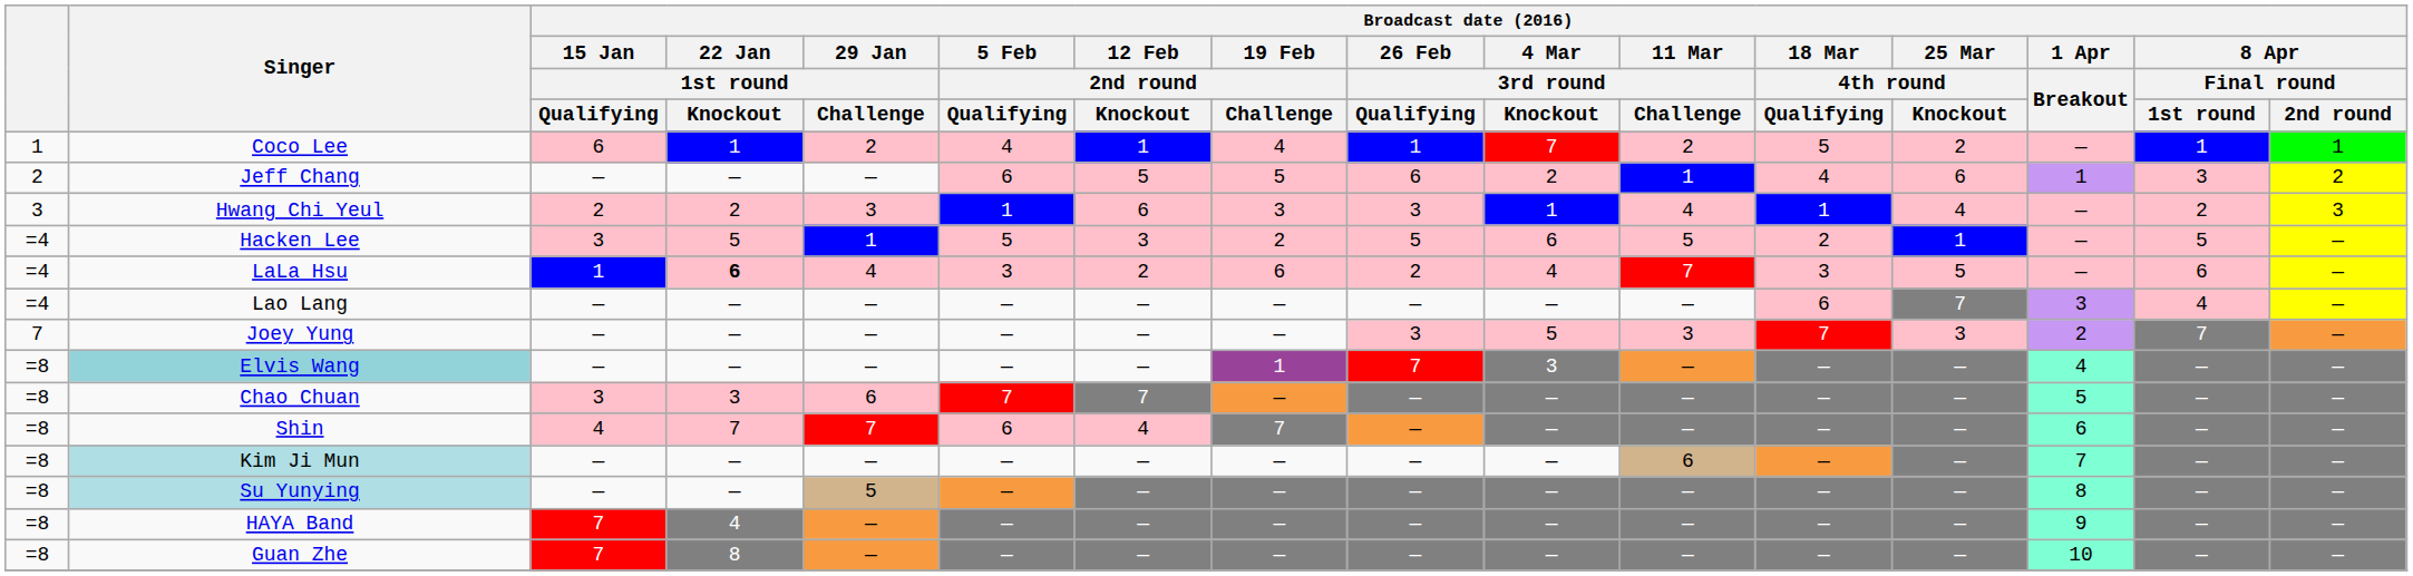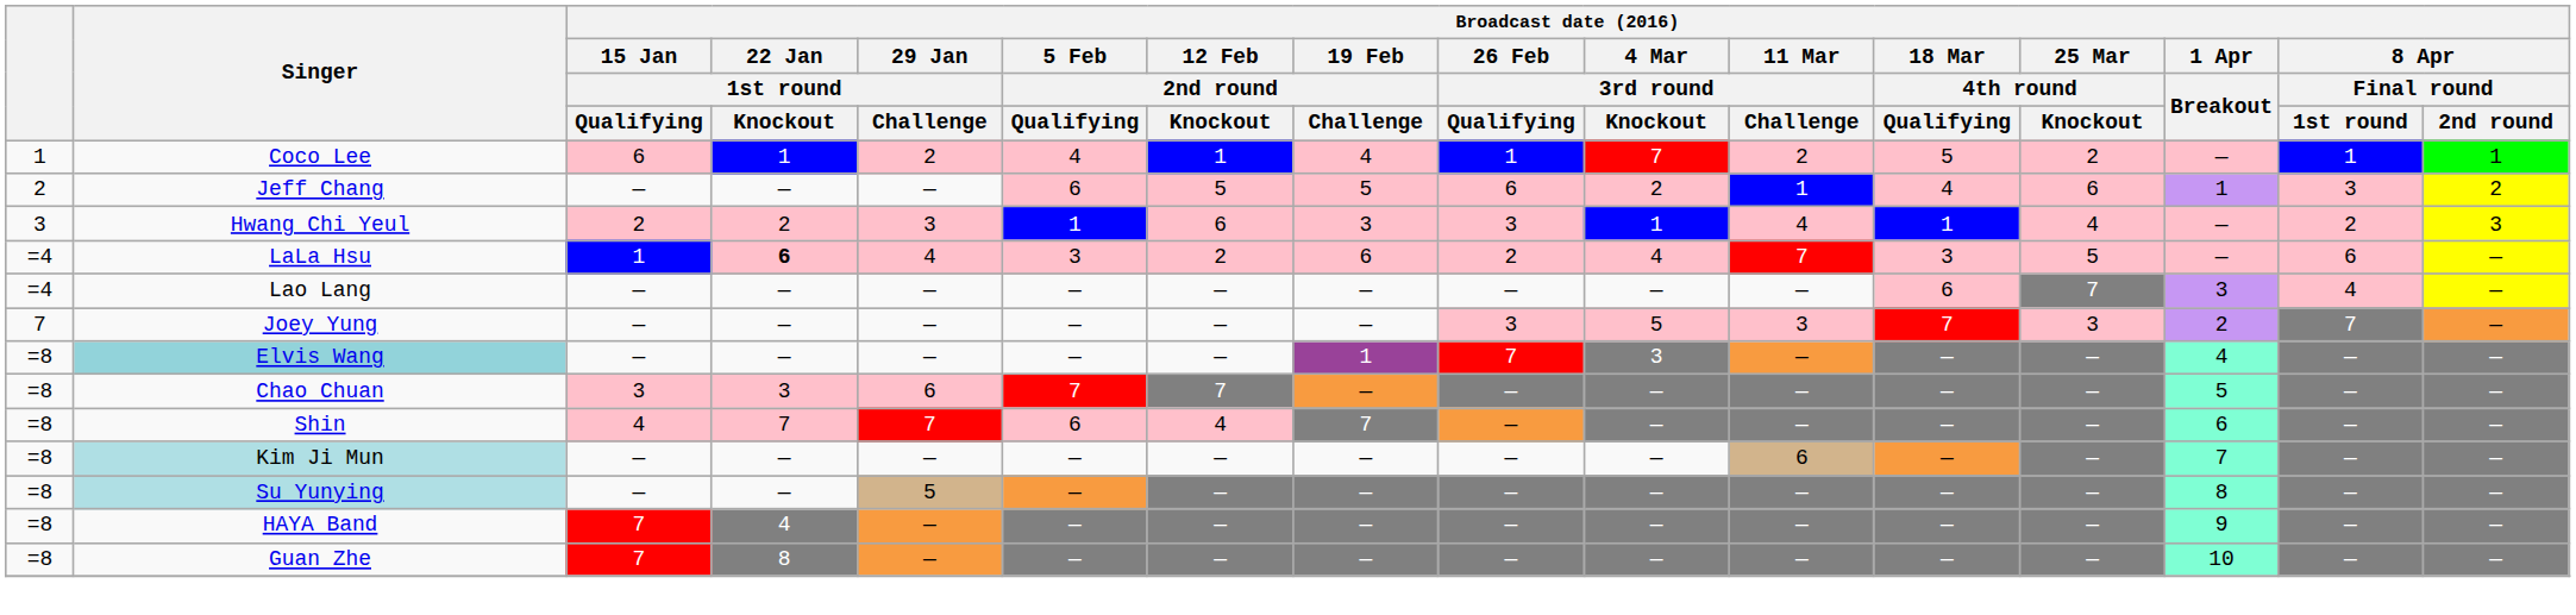 <table class="wikitable" style="text-align:center; font-size:85%">
 <tr>
 <th rowspan="4" width="30"></th>
 <th rowspan="4" width="250" class="unsortable">Singer</th>
 <th colspan="14"><small>Broadcast date (2016)</small></th>
 </tr>
 <tr>
 <th width="30">15 Jan</th>
 <th width="30">22 Jan</th>
 <th ! width="30">29 Jan</th>
 <th width="30">5 Feb</th>
 <th width="30">12 Feb</th>
 <th ! width="30">19 Feb</th>
 <th width="30">26 Feb</th>
 <th width="30">4 Mar</th>
 <th ! width="30">11 Mar</th>
 <th width="30">18 Mar</th>
 <th width="30">25 Mar</th>
 <th ! width="30">1 Apr</th>
 <th colspan="2" width="30">8 Apr</th>
 </tr>
 <tr>
 <th colspan="3">1st round</th>
 <th colspan="3">2nd round</th>
 <th colspan="3">3rd round</th>
 <th colspan="2">4th round</th>
 <th rowspan="2">Breakout</th>
 <th colspan="2">Final round</th>
 </tr>
 <tr>
 <th width="70" data-sort-type="text">Qualifying</th>
 <th width="70" data-sort-type="text">Knockout</th>
 <th width="70" data-sort-type="text">Challenge</th>
 <th width="70" data-sort-type="text">Qualifying</th>
 <th width="70" data-sort-type="text">Knockout</th>
 <th width="70" data-sort-type="text">Challenge</th>
 <th width="70" data-sort-type="text">Qualifying</th>
 <th width="70" data-sort-type="text">Knockout</th>
 <th width="70" data-sort-type="text">Challenge</th>
 <th width="70" data-sort-type="text">Qualifying</th>
 <th width="70" data-sort-type="text">Knockout</th>
 <th width="70" data-sort-type="text">1st round</th>
 <th width="70">2nd round</th>
 </tr>
 <tr>
 <td>1</td>
 <td><a href='#'>Coco Lee</a></td>
 <td style="background: pink;">6</td>
 <td style="background: blue; color: white">1</td>
 <td style="background: pink;">2</td>
 <td style="background: pink;">4</td>
 <td style="background: blue; color: white">1</td>
 <td style="background: pink;">4</td>
 <td style="background: blue; color: white">1</td>
 <td style="background: red; color: white">7</td>
 <td style="background: pink;">2</td>
 <td style="background: pink;">5</td>
 <td style="background: pink;">2</td>
 <td style="background: pink;">—</td>
 <td style="background: blue; color: white">1</td>
 <td style="background: lime;">1 </td>
 </tr>
 <tr>
 <td>2</td>
 <td><a href='#'>Jeff Chang</a></td>
 <td>—</td>
 <td>—</td>
 <td>—</td>
 <td style="background: pink;">6</td>
 <td style="background: pink;">5</td>
 <td style="background: pink;">5</td>
 <td style="background: pink;">6</td>
 <td style="background: pink;">2</td>
 <td style="background: blue; color: white">1</td>
 <td style="background: pink;">4</td>
 <td style="background: pink;">6</td>
 <td style="background:#C697F3;">1</td>
 <td style="background: pink;">3</td>
 <td style="background: yellow;">2 </td>
 </tr>
 <tr>
 <td>3</td>
 <td><a href='#'>Hwang Chi Yeul</a></td>
 <td style="background: pink;">2</td>
 <td style="background: pink;">2</td>
 <td style="background: pink;">3</td>
 <td style="background: blue; color: white">1</td>
 <td style="background: pink;">6</td>
 <td style="background: pink;">3</td>
 <td style="background: pink;">3</td>
 <td style="background: blue; color: white">1</td>
 <td style="background: pink;">4</td>
 <td style="background: blue; color: white">1</td>
 <td style="background: pink;">4</td>
 <td style="background: pink;">—</td>
 <td style="background: pink;">2</td>
 <td style="background: yellow;">3 </td>
-</tr>
-<tr>
-<td>=4</td>
-<td><a href='#'>Hacken Lee</a></td>
-<td style="background: pink;">3</td>
-<td style="background: pink;">5</td>
-<td style="background: blue; color: white">1</td>
-<td style="background: pink;">5</td>
-<td style="background: pink;">3</td>
-<td style="background: pink;">2</td>
-<td style="background: pink;">5</td>
-<td style="background: pink;">6</td>
-<td style="background: pink;">5</td>
-<td style="background: pink;">2</td>
-<td style="background: blue; color: white">1</td>
-<td style="background: pink;">—</td>
-<td style="background: pink;">5</td>
-<td style="background: yellow;">—</td>
 </tr>
 <tr>
 <td>=4</td>
 <td><a href='#'>LaLa Hsu</a></td>
 <td style="background: blue; color: white">1</td>
 <td style="background: pink;"><strong>6</strong></td>
 <td style="background: pink;">4</td>
 <td style="background: pink;">3</td>
 <td style="background: pink;">2</td>
 <td style="background: pink;">6</td>
 <td style="background: pink;">2</td>
 <td style="background: pink;">4</td>
 <td style="background: red; color: white">7</td>
 <td style="background: pink;">3</td>
 <td style="background: pink;">5</td>
 <td style="background: pink;">—</td>
 <td style="background: pink;">6</td>
 <td style="background: yellow;">—</td>
 </tr>
 <tr>
 <td>=4</td>
 <td>Lao Lang</td>
 <td>—</td>
 <td>—</td>
 <td>—</td>
 <td>—</td>
 <td>—</td>
 <td>—</td>
 <td>—</td>
 <td>—</td>
 <td>—</td>
 <td style="background: pink;">6</td>
 <td style="background: grey; color: white">7</td>
 <td style="background:#C697F3;">3</td>
 <td style="background: pink;">4</td>
 <td style="background: yellow;">—</td>
 </tr>
 <tr>
 <td>7</td>
 <td><a href='#'>Joey Yung</a></td>
 <td>—</td>
 <td>—</td>
 <td>—</td>
 <td>—</td>
 <td>—</td>
 <td>—</td>
 <td style="background: pink;">3</td>
 <td style="background: pink;">5</td>
 <td style="background: pink;">3</td>
 <td style="background: red; color: white">7</td>
 <td style="background: pink;">3</td>
 <td style="background:#C697F3;">2</td>
 <td style="background: grey; color: white">7</td>
 <td style="background:#F89B40;">—</td>
 </tr>
 <tr>
 <td>=8</td>
 <td style="background:#92D3DA;color: black"><a href='#'>Elvis Wang</a></td>
 <td>—</td>
 <td>—</td>
 <td>—</td>
 <td>—</td>
 <td>—</td>
 <td style="background:#994299; color: white">1</td>
 <td style="background: red; color: white">7</td>
 <td style="background: grey; color: white">3</td>
 <td style="background:#F89B40;">—</td>
 <td style="background: grey; color: white">—</td>
 <td style="background: grey; color: white">—</td>
 <td style="background:#7FFFD4;">4</td>
 <td style="background: grey; color: white">—</td>
 <td style="background: grey; color: white">—</td>
 </tr>
 <tr>
 <td>=8</td>
 <td><a href='#'>Chao Chuan</a></td>
 <td style="background: pink;">3</td>
 <td style="background: pink;">3</td>
 <td style="background: pink;">6</td>
 <td style="background: red;color: white">7</td>
 <td style="background: grey; color: white">7</td>
 <td style="background:#F89B40;">—</td>
 <td style="background: grey; color: white">—</td>
 <td style="background: grey; color: white">—</td>
 <td style="background: grey; color: white">—</td>
 <td style="background: grey; color: white">—</td>
 <td style="background: grey; color: white">—</td>
 <td style="background:#7FFFD4;">5</td>
 <td style="background: grey; color: white">—</td>
 <td style="background: grey; color: white">—</td>
 </tr>
 <tr>
 <td>=8</td>
 <td><a href='#'>Shin</a></td>
 <td style="background: pink;">4</td>
 <td style="background: pink;">7</td>
 <td style="background: red; color: white">7</td>
 <td style="background: pink;">6</td>
 <td style="background: pink;">4</td>
 <td style="background: grey; color: white">7</td>
 <td style="background:#F89B40;">—</td>
 <td style="background: grey; color: white">—</td>
 <td style="background: grey; color: white">—</td>
 <td style="background: grey; color: white">—</td>
 <td style="background: grey; color: white">—</td>
 <td style="background:#7FFFD4;">6</td>
 <td style="background: grey; color: white">—</td>
 <td style="background: grey; color: white">—</td>
 </tr>
 <tr>
 <td>=8</td>
 <td style="background:#AFDFE4;color: black">Kim Ji Mun</td>
 <td>—</td>
 <td>—</td>
 <td>—</td>
 <td>—</td>
 <td>—</td>
 <td>—</td>
 <td>—</td>
 <td>—</td>
 <td style="background: tan;">6</td>
 <td style="background:#F89B40;">—</td>
 <td style="background: grey; color: white">—</td>
 <td style="background:#7FFFD4;">7</td>
 <td style="background: grey; color: white">—</td>
 <td style="background: grey; color: white">—</td>
 </tr>
 <tr>
 <td>=8</td>
 <td style="background:#AFDFE4;color: black"><a href='#'>Su Yunying</a></td>
 <td>—</td>
 <td>—</td>
 <td style="background: tan;">5</td>
 <td style="background:#F89B40;">—</td>
 <td style="background: grey; color: white">—</td>
 <td style="background: grey; color: white">—</td>
 <td style="background: grey; color: white">—</td>
 <td style="background: grey; color: white">—</td>
 <td style="background: grey; color: white">—</td>
 <td style="background: grey; color: white">—</td>
 <td style="background: grey; color: white">—</td>
 <td style="background:#7FFFD4;">8</td>
 <td style="background: grey; color: white">—</td>
 <td style="background: grey; color: white">—</td>
 </tr>
 <tr>
 <td>=8</td>
 <td><a href='#'>HAYA Band</a></td>
 <td style="background: red; color: white">7</td>
 <td style="background: grey; color: white">4</td>
 <td style="background:#F89B40; color: black">—</td>
 <td style="background: grey; color: white">—</td>
 <td style="background: grey; color: white">—</td>
 <td style="background: grey; color: white">—</td>
 <td style="background: grey; color: white">—</td>
 <td style="background: grey; color: white">—</td>
 <td style="background: grey; color: white">—</td>
 <td style="background: grey; color: white">—</td>
 <td style="background: grey; color: white">—</td>
 <td style="background:#7FFFD4;">9</td>
 <td style="background: grey; color: white">—</td>
 <td style="background: grey; color: white">—</td>
 </tr>
 <tr>
 <td>=8</td>
 <td><a href='#'>Guan Zhe</a></td>
 <td style="background: red; color: white">7</td>
 <td style="background: grey; color: white">8</td>
 <td style="background:#F89B40;">—</td>
 <td style="background: grey; color: white">—</td>
 <td style="background: grey; color: white">—</td>
 <td style="background: grey; color: white">—</td>
 <td style="background: grey; color: white">—</td>
 <td style="background: grey; color: white">—</td>
 <td style="background: grey; color: white">—</td>
 <td style="background: grey; color: white">—</td>
 <td style="background: grey; color: white">—</td>
 <td style="background:#7FFFD4;">10</td>
 <td style="background: grey; color: white">—</td>
 <td style="background: grey; color: white">—</td>
 </tr>
 <tr>
 </tr>
 </table>
